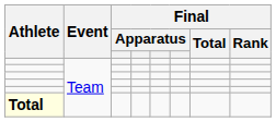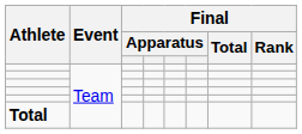 <table class="wikitable" style="font-size:90%">
 <tr>
 <th rowspan=3>Athlete</th>
 <th rowspan=3>Event</th>
 <th colspan=6>Final</th>
 </tr>
 <tr style="font-size:95%">
 <th colspan=4>Apparatus</th>
 <th rowspan=2>Total</th>
 <th rowspan=2>Rank</th>
 </tr>
 <tr style="font-size:95%">
 <th></th>
 <th></th>
 <th></th>
 <th></th>
 </tr>
 <tr align=center>
 <td align=left></td>
 <td style="text-align:left;" rowspan="6"><a href='#'>Team</a></td>
 <td></td>
 <td></td>
 <td></td>
 <td></td>
 <td></td>
 <td></td>
 </tr>
 <tr align=center>
 <td align=left></td>
 <td></td>
 <td></td>
 <td></td>
 <td></td>
 <td></td>
 <td></td>
 </tr>
 <tr align=center>
 <td align=left></td>
 <td></td>
 <td></td>
 <td></td>
 <td></td>
 <td></td>
 <td></td>
 </tr>
 <tr align=center>
 <td align=left></td>
 <td></td>
 <td></td>
 <td></td>
 <td></td>
 <td></td>
 <td></td>
 </tr>
 <tr align=center>
 <td align=left></td>
 <td></td>
 <td></td>
 <td></td>
 <td></td>
 <td></td>
 <td></td>
 </tr>
 <tr align=center>
-<td align=left style="background: lightyellow;"><strong>Total</strong></td>
+<td align=left><strong>Total</strong></td>
 <td></td>
 <td></td>
 <td></td>
 <td></td>
 <td></td>
 <td></td>
 </tr>
 </table>
